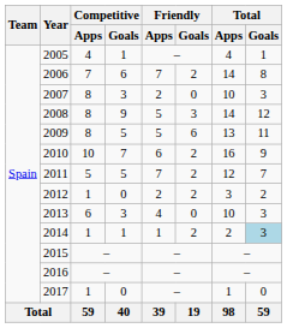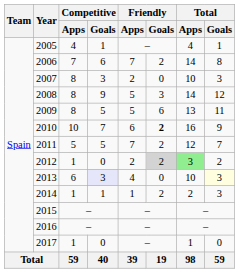 <table class="wikitable" style="text-align:center">
 <tr>
 <th rowspan="2">Team</th>
 <th rowspan="2">Year</th>
 <th colspan="2">Competitive</th>
 <th colspan="2">Friendly</th>
 <th colspan="2">Total</th>
 </tr>
 <tr>
 <th>Apps</th>
 <th>Goals</th>
 <th>Apps</th>
 <th>Goals</th>
 <th>Apps</th>
 <th>Goals</th>
 </tr>
 <tr>
 <td rowspan="13"><a href='#'>Spain</a></td>
 <td>2005</td>
 <td>4</td>
 <td>1</td>
 <td colspan="2">–</td>
 <td>4</td>
 <td>1</td>
 </tr>
 <tr>
 <td>2006</td>
 <td>7</td>
 <td>6</td>
 <td>7</td>
 <td>2</td>
 <td>14</td>
 <td>8</td>
 </tr>
 <tr>
 <td>2007</td>
 <td>8</td>
 <td>3</td>
 <td>2</td>
 <td>0</td>
 <td>10</td>
 <td>3</td>
 </tr>
 <tr>
 <td>2008</td>
 <td>8</td>
 <td>9</td>
 <td>5</td>
 <td>3</td>
 <td>14</td>
 <td>12</td>
 </tr>
 <tr>
 <td>2009</td>
 <td>8</td>
 <td>5</td>
 <td>5</td>
 <td>6</td>
 <td>13</td>
 <td>11</td>
 </tr>
 <tr>
 <td>2010</td>
 <td>10</td>
 <td>7</td>
 <td>6</td>
-<td>2</td>
+<td><strong>2</strong></td>
 <td>16</td>
 <td>9</td>
 </tr>
 <tr>
 <td>2011</td>
 <td>5</td>
 <td>5</td>
 <td>7</td>
 <td>2</td>
 <td>12</td>
 <td>7</td>
 </tr>
 <tr>
 <td>2012</td>
 <td>1</td>
 <td>0</td>
 <td>2</td>
-<td>2</td>
-<td>3</td>
+<td style="background: lightgrey;">2</td>
+<td style="background: lightgreen;">3</td>
 <td>2</td>
 </tr>
 <tr>
 <td>2013</td>
 <td>6</td>
-<td>3</td>
+<td style="background: lavender;">3</td>
 <td>4</td>
 <td>0</td>
 <td>10</td>
-<td>3</td>
+<td style="background: lightyellow;">3</td>
 </tr>
 <tr>
 <td>2014</td>
 <td>1</td>
 <td>1</td>
 <td>1</td>
 <td>2</td>
 <td>2</td>
-<td style="background: lightblue;">3</td>
+<td>3</td>
 </tr>
 <tr>
 <td>2015</td>
 <td colspan="2">–</td>
 <td colspan="2">–</td>
 <td colspan="2">–</td>
 </tr>
 <tr>
 <td>2016</td>
 <td colspan="2">–</td>
 <td colspan="2">–</td>
 <td colspan="2">–</td>
 </tr>
 <tr>
 <td>2017</td>
 <td>1</td>
 <td>0</td>
 <td colspan="2">–</td>
 <td>1</td>
 <td>0</td>
 </tr>
 <tr>
 <th colspan="2">Total</th>
 <th>59</th>
 <th>40</th>
 <th>39</th>
 <th>19</th>
 <th>98</th>
 <th>59</th>
 </tr>
 </table>
